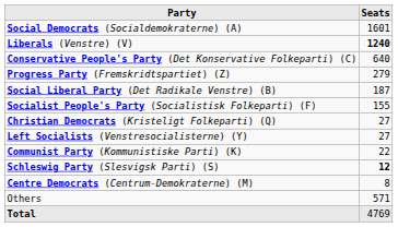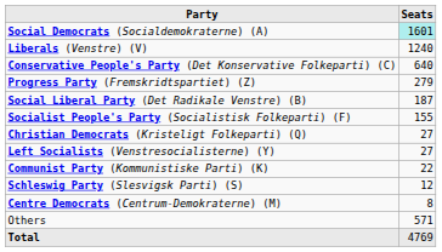 <table class="wikitable">
 <tr>
 <th style="background-color:#E9E9E9">Party</th>
 <th style="background-color:#E9E9E9">Seats</th>
 </tr>
 <tr>
 <td><strong><a href='#'>Social Democrats</a></strong> (<em>Socialdemokraterne</em>) (A)</td>
-<td align="right">1601</td>
+<td align="right" style="background: paleturquoise;">1601</td>
 </tr>
 <tr>
 <td><strong><a href='#'>Liberals</a></strong> (<em>Venstre</em>) (V)</td>
-<td align="right"><strong>1240</strong></td>
+<td align="right">1240</td>
 </tr>
 <tr>
 <td><strong><a href='#'>Conservative People's Party</a></strong> (<em>Det Konservative Folkeparti</em>) (C)</td>
 <td align="right">640</td>
 </tr>
 <tr>
 <td><strong><a href='#'>Progress Party</a></strong> (<em>Fremskridtspartiet</em>) (Z)</td>
 <td align="right">279</td>
 </tr>
 <tr>
 <td><strong><a href='#'>Social Liberal Party</a></strong> (<em>Det Radikale Venstre</em>) (B)</td>
 <td align="right">187</td>
 </tr>
 <tr>
 <td><strong><a href='#'>Socialist People's Party</a></strong> (<em>Socialistisk Folkeparti</em>) (F)</td>
 <td align="right">155</td>
 </tr>
 <tr>
 <td><strong><a href='#'>Christian Democrats</a></strong> (<em>Kristeligt Folkeparti</em>) (Q)</td>
 <td align="right">27</td>
 </tr>
 <tr>
 <td><strong><a href='#'>Left Socialists</a></strong> (<em>Venstresocialisterne</em>) (Y)</td>
 <td align="right">27</td>
 </tr>
 <tr>
 <td><strong><a href='#'>Communist Party</a></strong> (<em>Kommunistiske Parti</em>) (K)</td>
 <td align="right">22</td>
 </tr>
 <tr>
 <td><strong><a href='#'>Schleswig Party</a></strong> (<em>Slesvigsk Parti</em>) (S)</td>
-<td align="right"><strong>12</strong></td>
+<td align="right">12</td>
 </tr>
 <tr>
 <td><strong><a href='#'>Centre Democrats</a></strong> (<em>Centrum-Demokraterne</em>) (M)</td>
 <td align="right">8</td>
 </tr>
 <tr>
 <td>Others</td>
 <td align="right">571</td>
 </tr>
 <tr>
 <td style="background-color:#E9E9E9"><strong>Total</strong></td>
 <td align="right" style="background-color:#E9E9E9">4769</td>
 </tr>
 </table>
